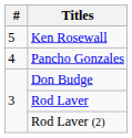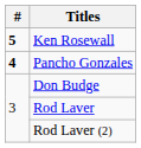 <table class=wikitable style="display:inline-table;">
 <tr>
 <th width=20>#</th>
 <th>Titles</th>
 </tr>
 <tr>
-<td>5</td>
+<td><strong>5</strong></td>
 <td> <a href='#'>Ken Rosewall</a></td>
 </tr>
 <tr>
-<td>4</td>
+<td><strong>4</strong></td>
 <td> <a href='#'>Pancho Gonzales</a></td>
 </tr>
 <tr>
 <td rowspan="3">3</td>
 <td> <a href='#'>Don Budge</a></td>
 </tr>
 <tr>
 <td> <a href='#'>Rod Laver</a></td>
 </tr>
 <tr>
 <td> Rod Laver <small>(2)</small></td>
 </tr>
 </table>
